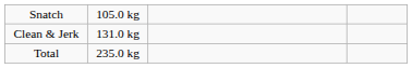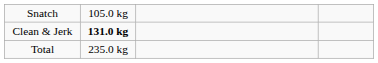 <table class = "wikitable" style="text-align:center;">
 <tr>
 <td width=100>Snatch</td>
 <td width=70>105.0 kg</td>
 <td width=250 align=left></td>
 <td width=70></td>
 </tr>
 <tr>
 <td>Clean & Jerk</td>
-<td>131.0 kg</td>
+<td><strong>131.0 kg</strong></td>
 <td align=left></td>
 <td></td>
 </tr>
 <tr>
 <td>Total</td>
 <td>235.0 kg</td>
 <td align=left></td>
 <td></td>
 </tr>
 </table>
